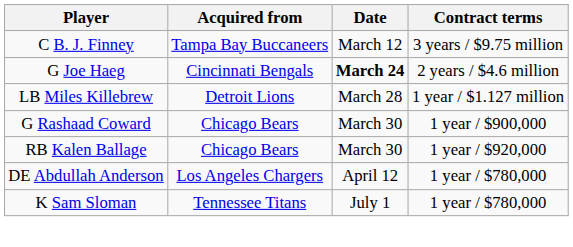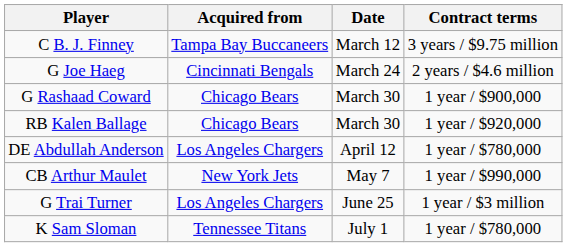 <table class="wikitable" style="text-align:center">
 <tr>
 <th>Player</th>
 <th>Acquired from</th>
 <th>Date</th>
 <th>Contract terms</th>
 </tr>
 <tr>
 <td>C <a href='#'>B. J. Finney</a></td>
 <td><a href='#'>Tampa Bay Buccaneers</a></td>
 <td>March 12</td>
 <td>3 years / $9.75 million</td>
 </tr>
 <tr>
 <td>G <a href='#'>Joe Haeg</a></td>
 <td><a href='#'>Cincinnati Bengals</a></td>
-<td><strong>March 24</strong></td>
+<td>March 24</td>
 <td>2 years / $4.6 million</td>
-</tr>
-<tr>
-<td>LB <a href='#'>Miles Killebrew</a></td>
-<td><a href='#'>Detroit Lions</a></td>
-<td>March 28</td>
-<td>1 year / $1.127 million</td>
 </tr>
 <tr>
 <td>G <a href='#'>Rashaad Coward</a></td>
 <td><a href='#'>Chicago Bears</a></td>
 <td>March 30</td>
 <td>1 year / $900,000</td>
 </tr>
 <tr>
 <td>RB <a href='#'>Kalen Ballage</a></td>
 <td><a href='#'>Chicago Bears</a></td>
 <td>March 30</td>
 <td>1 year / $920,000</td>
 </tr>
 <tr>
 <td>DE <a href='#'>Abdullah Anderson</a></td>
 <td><a href='#'>Los Angeles Chargers</a></td>
 <td>April 12</td>
 <td>1 year / $780,000</td>
 </tr>
 <tr>
+<td>CB <a href='#'>Arthur Maulet</a></td>
+<td><a href='#'>New York Jets</a></td>
+<td>May 7</td>
+<td>1 year / $990,000</td>
+</tr>
+<tr>
+<td>G  <a href='#'>Trai Turner</a></td>
+<td><a href='#'>Los Angeles Chargers</a></td>
+<td>June 25</td>
+<td>1 year / $3 million</td>
+</tr>
+<tr>
 <td>K  <a href='#'>Sam Sloman</a></td>
 <td><a href='#'>Tennessee Titans</a></td>
 <td>July 1</td>
 <td>1 year / $780,000</td>
 </tr>
 </table>
